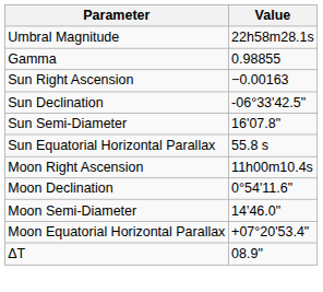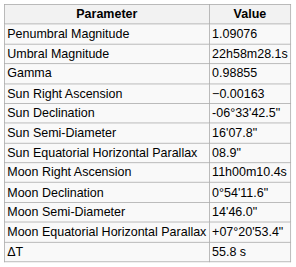 <table class="wikitable">
 <tr>
 <th>Parameter</th>
 <th>Value</th>
+</tr>
+<tr>
+<td>Penumbral Magnitude</td>
+<td>1.09076</td>
 </tr>
 <tr>
 <td>Umbral Magnitude</td>
 <td>22h58m28.1s</td>
 </tr>
 <tr>
 <td>Gamma</td>
 <td>0.98855</td>
 </tr>
 <tr>
 <td>Sun Right Ascension</td>
 <td>−0.00163</td>
 </tr>
 <tr>
 <td>Sun Declination</td>
 <td>-06°33'42.5"</td>
 </tr>
 <tr>
 <td>Sun Semi-Diameter</td>
 <td>16'07.8"</td>
 </tr>
 <tr>
 <td>Sun Equatorial Horizontal Parallax</td>
-<td>55.8 s</td>
+<td>08.9"</td>
 </tr>
 <tr>
 <td>Moon Right Ascension</td>
 <td>11h00m10.4s</td>
 </tr>
 <tr>
 <td>Moon Declination</td>
 <td>0°54'11.6"</td>
 </tr>
 <tr>
 <td>Moon Semi-Diameter</td>
 <td>14'46.0"</td>
 </tr>
 <tr>
 <td>Moon Equatorial Horizontal Parallax</td>
 <td>+07°20'53.4"</td>
 </tr>
 <tr>
 <td>ΔT</td>
-<td>08.9"</td>
+<td>55.8 s</td>
 </tr>
 </table>
